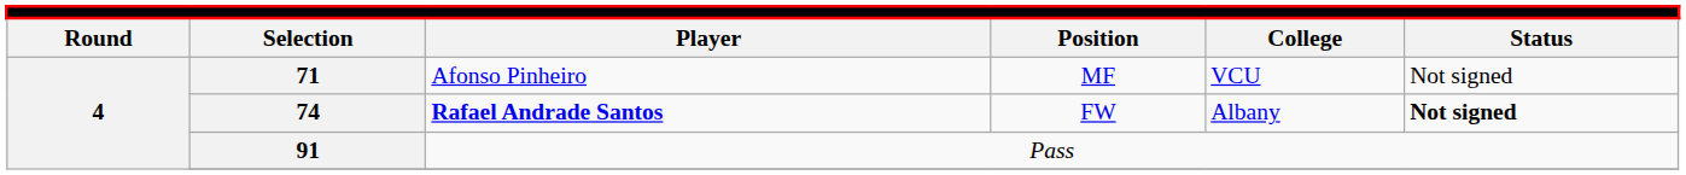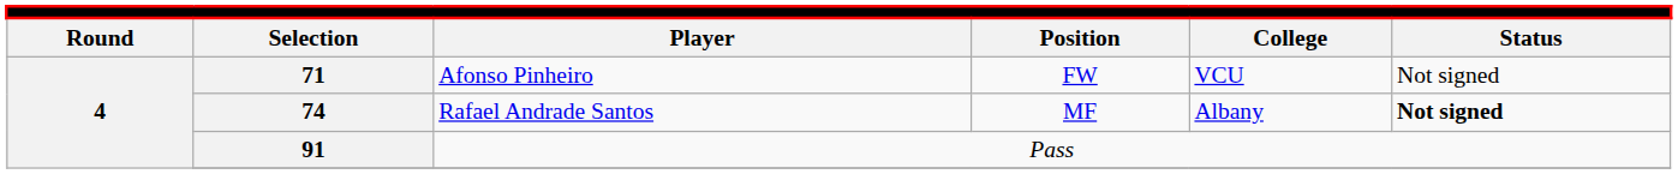 <table class="wikitable sortable" style="width:90%; text-align:center; font-size:100%; text-align:left;">
 <tr style="border-spacing: 2px; border: 2px solid red;">
 <td colspan="6" bgcolor="#000000" color="#FFFFFF" border="#E32526" align="center"><strong></strong></td>
 </tr>
 <tr>
 <th>Round</th>
 <th>Selection</th>
 <th>Player</th>
 <th>Position</th>
 <th>College</th>
 <th>Status</th>
 </tr>
 <tr>
 <th rowspan="4">4</th>
 <th>71</th>
 <td> <a href='#'>Afonso Pinheiro</a></td>
-<td align=center><a href='#'>MF</a></td>
+<td align=center><a href='#'>FW</a></td>
 <td><a href='#'>VCU</a></td>
 <td>Not signed</td>
 </tr>
 <tr>
 <th>74</th>
-<td><strong> <a href='#'>Rafael Andrade Santos</a></strong></td>
-<td align=center><a href='#'>FW</a></td>
+<td> <a href='#'>Rafael Andrade Santos</a></td>
+<td align=center><a href='#'>MF</a></td>
 <td><a href='#'>Albany</a></td>
 <td><strong>Not signed</strong></td>
 </tr>
 <tr>
 <th>91</th>
 <td align="center" colspan="4"><em>Pass</em></td>
 </tr>
 <tr>
 </tr>
 </table>
